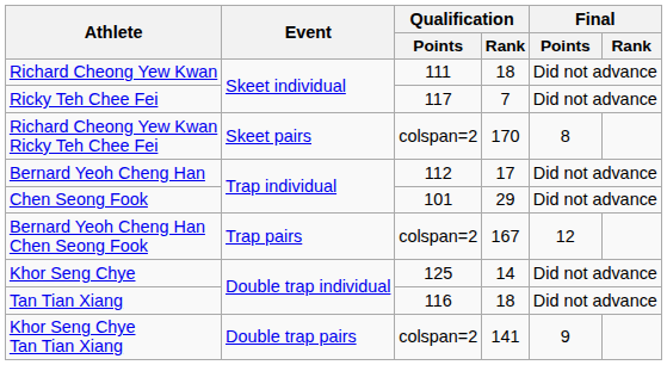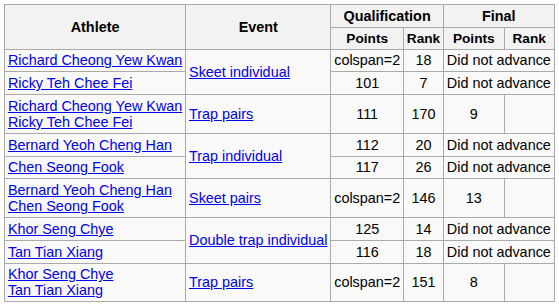 <table class="wikitable" style="font-size:90%;">
 <tr>
 <th rowspan=2>Athlete</th>
 <th rowspan=2>Event</th>
 <th colspan=2>Qualification</th>
 <th colspan=2>Final</th>
 </tr>
 <tr style="font-size:95%">
 <th>Points</th>
 <th>Rank</th>
 <th>Points</th>
 <th>Rank</th>
 </tr>
 <tr align=center>
 <td align=left><a href='#'>Richard Cheong Yew Kwan</a></td>
 <td align=left rowspan=2><a href='#'>Skeet individual</a></td>
-<td>111</td>
+<td>colspan=2 </td>
 <td>18</td>
 <td colspan=2>Did not advance</td>
 </tr>
 <tr align=center>
 <td align=left><a href='#'>Ricky Teh Chee Fei</a></td>
-<td>117</td>
+<td>101</td>
 <td>7</td>
 <td colspan=2>Did not advance</td>
 </tr>
 <tr align=center>
 <td align=left><a href='#'>Richard Cheong Yew Kwan</a><br><a href='#'>Ricky Teh Chee Fei</a></td>
-<td align=left><a href='#'>Skeet pairs</a></td>
-<td>colspan=2 </td>
+<td align=left><a href='#'>Trap pairs</a></td>
+<td>111</td>
 <td>170</td>
-<td>8</td>
+<td>9</td>
 </tr>
 <tr align=center>
 <td align=left><a href='#'>Bernard Yeoh Cheng Han</a></td>
 <td align=left rowspan=2><a href='#'>Trap individual</a></td>
 <td>112</td>
-<td>17</td>
+<td>20</td>
 <td colspan=2>Did not advance</td>
 </tr>
 <tr align=center>
 <td align=left><a href='#'>Chen Seong Fook</a></td>
-<td>101</td>
-<td>29</td>
+<td>117</td>
+<td>26</td>
 <td colspan=2>Did not advance</td>
 </tr>
 <tr align=center>
 <td align=left><a href='#'>Bernard Yeoh Cheng Han</a><br><a href='#'>Chen Seong Fook</a></td>
-<td align=left><a href='#'>Trap pairs</a></td>
+<td align=left><a href='#'>Skeet pairs</a></td>
 <td>colspan=2 </td>
-<td>167</td>
-<td>12</td>
+<td>146</td>
+<td>13</td>
 </tr>
 <tr align=center>
 <td align=left><a href='#'>Khor Seng Chye</a></td>
 <td align=left rowspan=2><a href='#'>Double trap individual</a></td>
 <td>125</td>
 <td>14</td>
 <td colspan=2>Did not advance</td>
 </tr>
 <tr align=center>
 <td align=left><a href='#'>Tan Tian Xiang</a></td>
 <td>116</td>
 <td>18</td>
 <td colspan=2>Did not advance</td>
 </tr>
 <tr align=center>
 <td align=left><a href='#'>Khor Seng Chye</a><br><a href='#'>Tan Tian Xiang</a></td>
-<td align=left><a href='#'>Double trap pairs</a></td>
+<td align=left><a href='#'>Trap pairs</a></td>
 <td>colspan=2 </td>
-<td>141</td>
-<td>9</td>
+<td>151</td>
+<td>8</td>
 </tr>
 </table>
